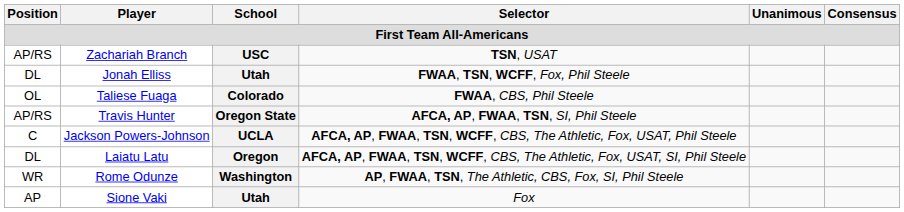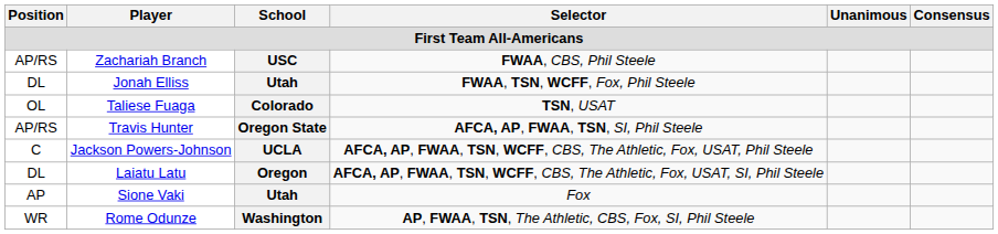 <table class="wikitable" border="0">
 <tr>
 <th>Position</th>
 <th>Player</th>
 <th>School</th>
 <th>Selector</th>
 <th>Unanimous</th>
 <th>Consensus</th>
 </tr>
 <tr>
 <td colspan="6" style="text-align:center; background:#ddd;"><strong>First Team All-Americans</strong></td>
 </tr>
 <tr style="text-align:center;">
 <td style="background:white">AP/RS</td>
 <td style="background:white"><a href='#'>Zachariah Branch</a></td>
 <th style=>USC</th>
-<td><strong>TSN</strong>, <em>USAT</em></td>
+<td><strong>FWAA</strong>, <em>CBS, Phil Steele</em></td>
 <td></td>
 <td></td>
 </tr>
 <tr style="text-align:center;">
 <td style="background:white">DL</td>
 <td style="background:white"><a href='#'>Jonah Elliss</a></td>
 <th>Utah</th>
 <td><strong>FWAA</strong>, <strong>TSN</strong>, <strong>WCFF</strong>, <em>Fox, Phil Steele</em></td>
 <td></td>
 <td></td>
 </tr>
 <tr style="text-align:center;">
 <td style="background:white">OL</td>
 <td style="background:white"><a href='#'>Taliese Fuaga</a></td>
 <th style=>Colorado</th>
-<td><strong>FWAA</strong>, <em>CBS, Phil Steele</em></td>
+<td><strong>TSN</strong>, <em>USAT</em></td>
 <td></td>
 <td></td>
 </tr>
 <tr style="text-align:center;">
 <td style="background:white">AP/RS</td>
 <td style="background:white"><a href='#'>Travis Hunter</a></td>
 <th style=>Oregon State</th>
 <td><strong>AFCA, AP</strong>, <strong>FWAA</strong>, <strong>TSN</strong>, <em>SI, Phil Steele</em></td>
 <td></td>
 <td></td>
 </tr>
 <tr style="text-align:center;">
 <td style="background:white">C</td>
 <td style="background:white"><a href='#'>Jackson Powers-Johnson</a></td>
 <th style=>UCLA</th>
 <td><strong>AFCA, AP</strong>, <strong>FWAA</strong>, <strong>TSN</strong>, <strong>WCFF</strong>, <em>CBS, The Athletic, Fox, USAT, Phil Steele</em></td>
 <td></td>
 <td></td>
 </tr>
 <tr style="text-align:center;">
 <td style="background:white">DL</td>
 <td style="background:white"><a href='#'>Laiatu Latu</a></td>
 <th style=>Oregon</th>
 <td><strong>AFCA, AP</strong>, <strong>FWAA</strong>, <strong>TSN</strong>, <strong>WCFF</strong>, <em>CBS, The Athletic, Fox, USAT, SI, Phil Steele</em></td>
 <td></td>
 <td></td>
 </tr>
 <tr style="text-align:center;">
+<td style="background:white">AP</td>
+<td style="background:white"><a href='#'>Sione Vaki</a></td>
+<th>Utah</th>
+<td><em>Fox</em></td>
+<td></td>
+<td></td>
+</tr>
+<tr style="text-align:center;">
 <td style="background:white">WR</td>
 <td style="background:white"><a href='#'>Rome Odunze</a></td>
 <th style=>Washington</th>
 <td><strong>AP</strong>, <strong>FWAA</strong>, <strong>TSN</strong>, <em>The Athletic, CBS, Fox, SI, Phil Steele</em></td>
 <td></td>
 <td></td>
 </tr>
-<tr style="text-align:center;">
-<td style="background:white">AP</td>
-<td style="background:white"><a href='#'>Sione Vaki</a></td>
-<th>Utah</th>
-<td><em>Fox</em></td>
-<td></td>
-<td></td>
-</tr>
 </table>
